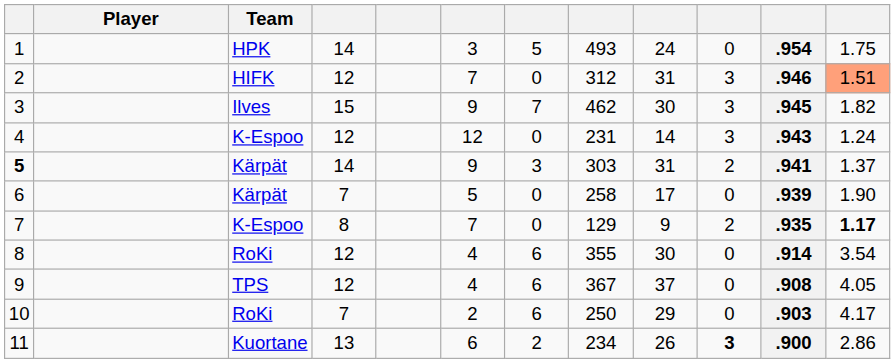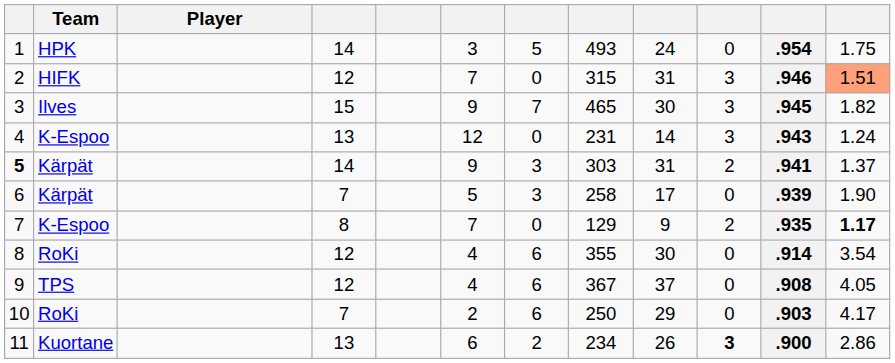 <table class="wikitable sortable" style="text-align: center">
 <tr>
 <th></th>
+<th>Team</th>
 <th style="width: 10em;">Player</th>
-<th>Team</th>
 <th style="width: 3em;"> </th>
 <th style="width: 3em;"> </th>
 <th style="width: 3em;"> </th>
 <th style="width: 3em;"> </th>
 <th style="width: 3em;"></th>
 <th style="width: 3em;"> </th>
 <th style="width: 3em;"> </th>
 <th style="width: 3em;"> </th>
 <th style="width: 3em;"></th>
 </tr>
 <tr>
 <td>1</td>
+<td style="text-align:left;"><a href='#'>HPK</a></td>
 <td style="text-align:left;"></td>
-<td style="text-align:left;"><a href='#'>HPK</a></td>
 <td>14</td>
 <td></td>
 <td>3</td>
 <td>5</td>
 <td>493</td>
 <td>24</td>
 <td>0</td>
 <th>.954</th>
 <td>1.75</td>
 </tr>
 <tr>
 <td>2</td>
+<td style="text-align:left;"><a href='#'>HIFK</a></td>
 <td style="text-align:left;"></td>
-<td style="text-align:left;"><a href='#'>HIFK</a></td>
 <td>12</td>
 <td></td>
 <td>7</td>
 <td>0</td>
-<td>312</td>
+<td>315</td>
 <td>31</td>
 <td>3</td>
 <th>.946</th>
 <td style="background: lightsalmon;">1.51</td>
 </tr>
 <tr>
 <td>3</td>
+<td style="text-align:left;"><a href='#'>Ilves</a></td>
 <td style="text-align:left;"></td>
-<td style="text-align:left;"><a href='#'>Ilves</a></td>
 <td>15</td>
 <td></td>
 <td>9</td>
 <td>7</td>
-<td>462</td>
+<td>465</td>
 <td>30</td>
 <td>3</td>
 <th>.945</th>
 <td>1.82</td>
 </tr>
 <tr>
 <td>4</td>
+<td style="text-align:left;"><a href='#'>K-Espoo</a></td>
 <td style="text-align:left;"></td>
-<td style="text-align:left;"><a href='#'>K-Espoo</a></td>
-<td>12</td>
+<td>13</td>
 <td></td>
 <td>12</td>
 <td>0</td>
 <td>231</td>
 <td>14</td>
 <td>3</td>
 <th>.943</th>
 <td>1.24</td>
 </tr>
 <tr>
 <td><strong>5</strong></td>
+<td style="text-align:left;"><a href='#'>Kärpät</a></td>
 <td style="text-align:left;"></td>
-<td style="text-align:left;"><a href='#'>Kärpät</a></td>
 <td>14</td>
 <td></td>
 <td>9</td>
 <td>3</td>
 <td>303</td>
 <td>31</td>
 <td>2</td>
 <th>.941</th>
 <td>1.37</td>
 </tr>
 <tr>
 <td>6</td>
+<td style="text-align:left;"><a href='#'>Kärpät</a></td>
 <td style="text-align:left;"></td>
-<td style="text-align:left;"><a href='#'>Kärpät</a></td>
 <td>7</td>
 <td></td>
 <td>5</td>
-<td>0</td>
+<td>3</td>
 <td>258</td>
 <td>17</td>
 <td>0</td>
 <th>.939</th>
 <td>1.90</td>
 </tr>
 <tr>
 <td>7</td>
+<td style="text-align:left;"><a href='#'>K-Espoo</a></td>
 <td style="text-align:left;"></td>
-<td style="text-align:left;"><a href='#'>K-Espoo</a></td>
 <td>8</td>
 <td></td>
 <td>7</td>
 <td>0</td>
 <td>129</td>
 <td>9</td>
 <td>2</td>
 <th>.935</th>
 <td><strong>1.17</strong></td>
 </tr>
 <tr>
 <td>8</td>
+<td style="text-align:left;"><a href='#'>RoKi</a></td>
 <td style="text-align:left;"></td>
-<td style="text-align:left;"><a href='#'>RoKi</a></td>
 <td>12</td>
 <td></td>
 <td>4</td>
 <td>6</td>
 <td>355</td>
 <td>30</td>
 <td>0</td>
 <th>.914</th>
 <td>3.54</td>
 </tr>
 <tr>
 <td>9</td>
+<td style="text-align:left;"><a href='#'>TPS</a></td>
 <td style="text-align:left;"></td>
-<td style="text-align:left;"><a href='#'>TPS</a></td>
 <td>12</td>
 <td></td>
 <td>4</td>
 <td>6</td>
 <td>367</td>
 <td>37</td>
 <td>0</td>
 <th>.908</th>
 <td>4.05</td>
 </tr>
 <tr>
 <td>10</td>
+<td style="text-align:left;"><a href='#'>RoKi</a></td>
 <td style="text-align:left;"></td>
-<td style="text-align:left;"><a href='#'>RoKi</a></td>
 <td>7</td>
 <td></td>
 <td>2</td>
 <td>6</td>
 <td>250</td>
 <td>29</td>
 <td>0</td>
 <th>.903</th>
 <td>4.17</td>
 </tr>
 <tr>
 <td>11</td>
+<td style="text-align:left;"><a href='#'>Kuortane</a></td>
 <td style="text-align:left;"></td>
-<td style="text-align:left;"><a href='#'>Kuortane</a></td>
 <td>13</td>
 <td></td>
 <td>6</td>
 <td>2</td>
 <td>234</td>
 <td>26</td>
 <td><strong>3</strong></td>
 <th>.900</th>
 <td>2.86</td>
 </tr>
 </table>
